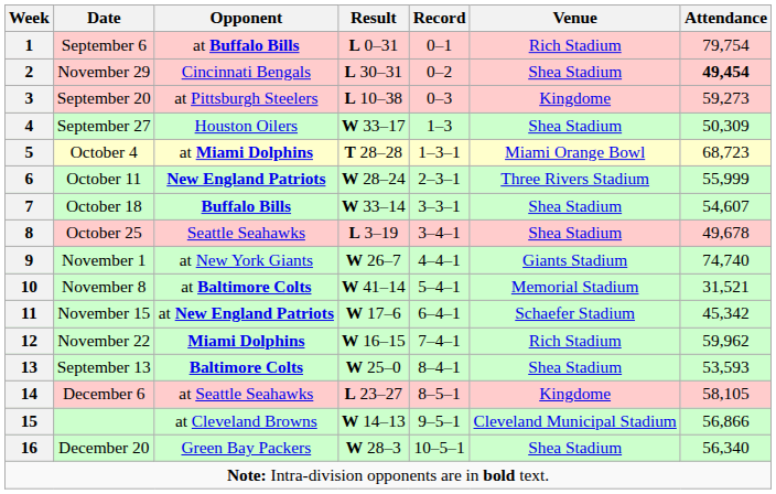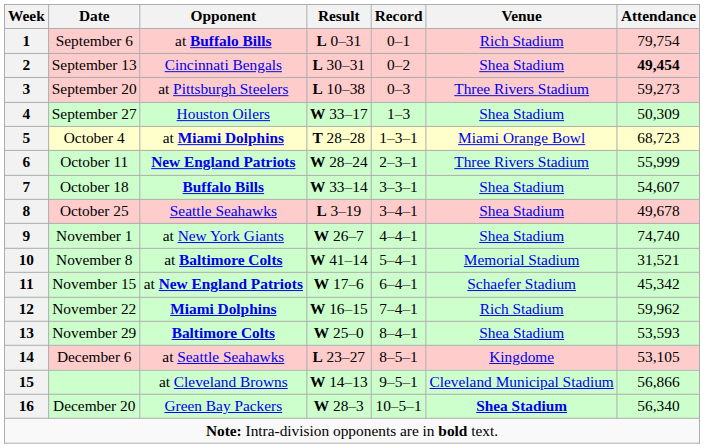 <table class="wikitable" style="text-align:center">
 <tr>
 <th>Week</th>
 <th>Date</th>
 <th>Opponent</th>
 <th>Result</th>
 <th>Record</th>
 <th>Venue</th>
 <th>Attendance</th>
 </tr>
 <tr style="background:#fcc">
 <th>1</th>
 <td>September 6</td>
 <td>at <strong><a href='#'>Buffalo Bills</a></strong></td>
 <td><strong>L</strong> 0–31</td>
 <td>0–1</td>
 <td><a href='#'>Rich Stadium</a></td>
 <td>79,754</td>
 </tr>
 <tr style="background:#fcc">
 <th>2</th>
-<td>November 29</td>
+<td>September 13</td>
 <td><a href='#'>Cincinnati Bengals</a></td>
 <td><strong>L</strong> 30–31</td>
 <td>0–2</td>
 <td><a href='#'>Shea Stadium</a></td>
 <td><strong>49,454</strong></td>
 </tr>
 <tr style="background:#fcc">
 <th>3</th>
 <td>September 20</td>
 <td>at <a href='#'>Pittsburgh Steelers</a></td>
 <td><strong>L</strong> 10–38</td>
 <td>0–3</td>
-<td><a href='#'>Kingdome</a></td>
+<td><a href='#'>Three Rivers Stadium</a></td>
 <td>59,273</td>
 </tr>
 <tr style="background:#cfc">
 <th>4</th>
 <td>September 27</td>
 <td><a href='#'>Houston Oilers</a></td>
 <td><strong>W</strong> 33–17</td>
 <td>1–3</td>
 <td><a href='#'>Shea Stadium</a></td>
 <td>50,309</td>
 </tr>
 <tr style="background:#ffc">
 <th>5</th>
 <td>October 4</td>
 <td>at <strong><a href='#'>Miami Dolphins</a></strong></td>
 <td><strong>T</strong> 28–28</td>
 <td>1–3–1</td>
 <td><a href='#'>Miami Orange Bowl</a></td>
 <td>68,723</td>
 </tr>
 <tr style="background:#cfc">
 <th>6</th>
 <td>October 11</td>
 <td><strong><a href='#'>New England Patriots</a></strong></td>
 <td><strong>W</strong> 28–24</td>
 <td>2–3–1</td>
 <td><a href='#'>Three Rivers Stadium</a></td>
 <td>55,999</td>
 </tr>
 <tr style="background:#cfc">
 <th>7</th>
 <td>October 18</td>
 <td><strong><a href='#'>Buffalo Bills</a></strong></td>
 <td><strong>W</strong> 33–14</td>
 <td>3–3–1</td>
 <td><a href='#'>Shea Stadium</a></td>
 <td>54,607</td>
 </tr>
 <tr style="background:#fcc">
 <th>8</th>
 <td>October 25</td>
 <td><a href='#'>Seattle Seahawks</a></td>
 <td><strong>L</strong> 3–19</td>
 <td>3–4–1</td>
 <td><a href='#'>Shea Stadium</a></td>
 <td>49,678</td>
 </tr>
 <tr style="background:#cfc">
 <th>9</th>
 <td>November 1</td>
 <td>at <a href='#'>New York Giants</a></td>
 <td><strong>W</strong> 26–7</td>
 <td>4–4–1</td>
-<td><a href='#'>Giants Stadium</a></td>
+<td><a href='#'>Shea Stadium</a></td>
 <td>74,740</td>
 </tr>
 <tr style="background:#cfc">
 <th>10</th>
 <td>November 8</td>
 <td>at <strong><a href='#'>Baltimore Colts</a></strong></td>
 <td><strong>W</strong> 41–14</td>
 <td>5–4–1</td>
 <td><a href='#'>Memorial Stadium</a></td>
 <td>31,521</td>
 </tr>
 <tr style="background:#cfc">
 <th>11</th>
 <td>November 15</td>
 <td>at <strong><a href='#'>New England Patriots</a></strong></td>
 <td><strong>W</strong> 17–6</td>
 <td>6–4–1</td>
 <td><a href='#'>Schaefer Stadium</a></td>
 <td>45,342</td>
 </tr>
 <tr style="background:#cfc">
 <th>12</th>
 <td>November 22</td>
 <td><strong><a href='#'>Miami Dolphins</a></strong></td>
 <td><strong>W</strong> 16–15</td>
 <td>7–4–1</td>
 <td><a href='#'>Rich Stadium</a></td>
 <td>59,962</td>
 </tr>
 <tr style="background:#cfc">
 <th>13</th>
-<td>September 13</td>
+<td>November 29</td>
 <td><strong><a href='#'>Baltimore Colts</a></strong></td>
 <td><strong>W</strong> 25–0</td>
 <td>8–4–1</td>
 <td><a href='#'>Shea Stadium</a></td>
 <td>53,593</td>
 </tr>
 <tr style="background:#fcc">
 <th>14</th>
 <td>December 6</td>
 <td>at <a href='#'>Seattle Seahawks</a></td>
 <td><strong>L</strong> 23–27</td>
 <td>8–5–1</td>
 <td><a href='#'>Kingdome</a></td>
-<td>58,105</td>
+<td>53,105</td>
 </tr>
 <tr style="background:#cfc">
 <th>15</th>
 <td></td>
 <td>at <a href='#'>Cleveland Browns</a></td>
 <td><strong>W</strong> 14–13</td>
 <td>9–5–1</td>
 <td><a href='#'>Cleveland Municipal Stadium</a></td>
 <td>56,866</td>
 </tr>
 <tr style="background:#cfc">
 <th>16</th>
 <td>December 20</td>
 <td><a href='#'>Green Bay Packers</a></td>
 <td><strong>W</strong> 28–3</td>
 <td>10–5–1</td>
-<td><a href='#'>Shea Stadium</a></td>
+<td><strong><a href='#'>Shea Stadium</a></strong></td>
 <td>56,340</td>
 </tr>
 <tr>
 <td colspan="8"><strong>Note:</strong> Intra-division opponents are in <strong>bold</strong> text.</td>
 </tr>
 </table>
